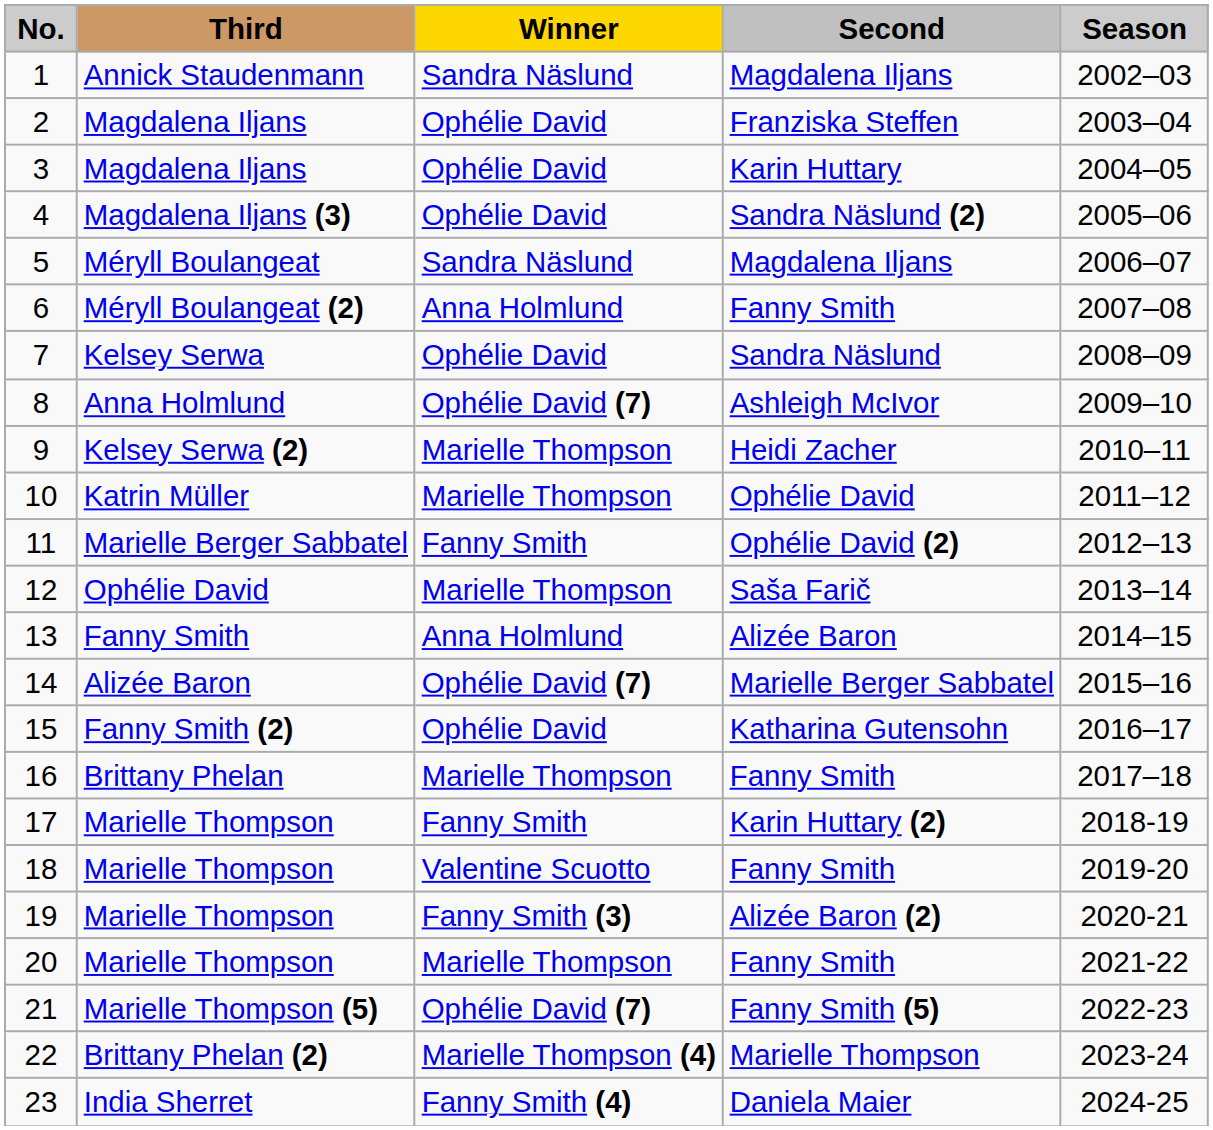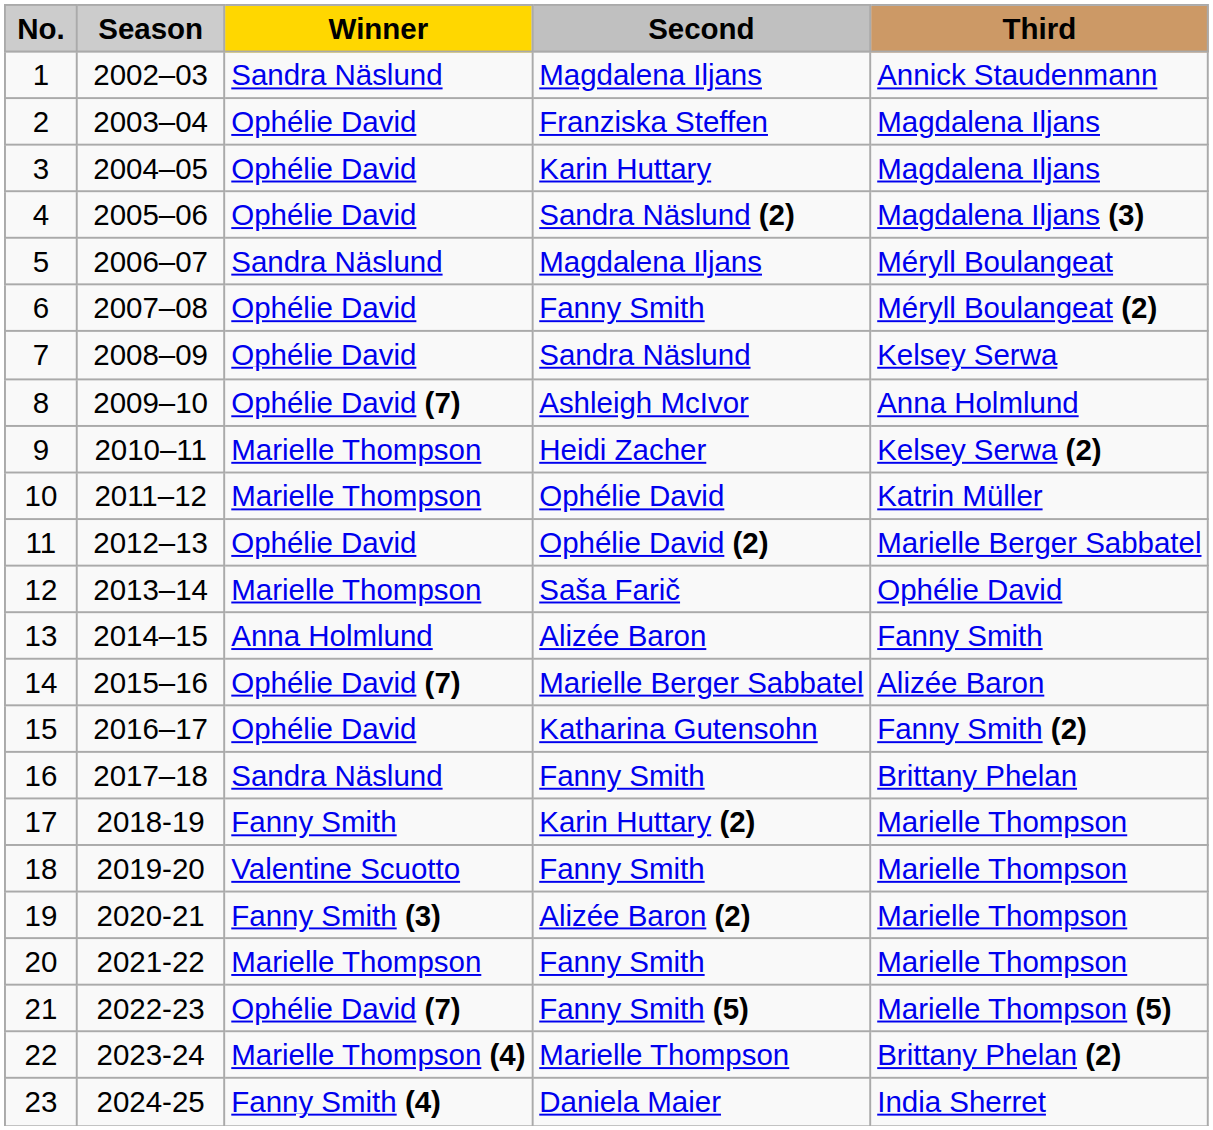 <table class="wikitable" style="font-size:95%;">
 <tr>
 <th style="background:#ccc;" width="30">No.</th>
-<th style="background:#c96;">Third</th>
+<th style="background:#ccc;" width="69">Season</th>
 <th style="background:gold">Winner</th>
 <th style="background:silver">Second</th>
-<th style="background:#ccc;" width="69">Season</th>
+<th style="background:#c96;">Third</th>
 </tr>
 <tr>
 <td align=center>1</td>
-<td> <a href='#'>Annick Staudenmann</a></td>
+<td align=center>2002–03</td>
 <td> <a href='#'>Sandra Näslund</a></td>
 <td> <a href='#'>Magdalena Iljans</a></td>
-<td align=center>2002–03</td>
+<td> <a href='#'>Annick Staudenmann</a></td>
 </tr>
 <tr>
 <td align=center>2</td>
-<td> <a href='#'>Magdalena Iljans</a></td>
+<td align=center>2003–04</td>
 <td> <a href='#'>Ophélie David</a></td>
 <td> <a href='#'>Franziska Steffen</a></td>
-<td align=center>2003–04</td>
+<td> <a href='#'>Magdalena Iljans</a></td>
 </tr>
 <tr>
 <td align=center>3</td>
-<td> <a href='#'>Magdalena Iljans</a></td>
+<td align=center>2004–05</td>
 <td> <a href='#'>Ophélie David</a></td>
 <td> <a href='#'>Karin Huttary</a></td>
-<td align=center>2004–05</td>
+<td> <a href='#'>Magdalena Iljans</a></td>
 </tr>
 <tr>
 <td align=center>4</td>
-<td> <a href='#'>Magdalena Iljans</a> <strong>(3)</strong></td>
+<td align=center>2005–06</td>
 <td> <a href='#'>Ophélie David</a></td>
 <td> <a href='#'>Sandra Näslund</a> <strong>(2)</strong></td>
-<td align=center>2005–06</td>
+<td> <a href='#'>Magdalena Iljans</a> <strong>(3)</strong></td>
 </tr>
 <tr>
 <td align=center>5</td>
-<td> <a href='#'>Méryll Boulangeat</a></td>
+<td align=center>2006–07</td>
 <td> <a href='#'>Sandra Näslund</a></td>
 <td> <a href='#'>Magdalena Iljans</a></td>
-<td align=center>2006–07</td>
+<td> <a href='#'>Méryll Boulangeat</a></td>
 </tr>
 <tr>
 <td align=center>6</td>
+<td align=center>2007–08</td>
+<td> <a href='#'>Ophélie David</a></td>
+<td> <a href='#'>Fanny Smith</a></td>
 <td> <a href='#'>Méryll Boulangeat</a> <strong>(2)</strong></td>
-<td> <a href='#'>Anna Holmlund</a></td>
-<td> <a href='#'>Fanny Smith</a></td>
-<td align=center>2007–08</td>
 </tr>
 <tr>
 <td align=center>7</td>
-<td> <a href='#'>Kelsey Serwa</a></td>
+<td align=center>2008–09</td>
 <td> <a href='#'>Ophélie David</a></td>
 <td> <a href='#'>Sandra Näslund</a></td>
-<td align=center>2008–09</td>
+<td> <a href='#'>Kelsey Serwa</a></td>
 </tr>
 <tr>
 <td align=center>8</td>
-<td> <a href='#'>Anna Holmlund</a></td>
+<td align=center>2009–10</td>
 <td> <a href='#'>Ophélie David</a> <strong>(7)</strong></td>
 <td> <a href='#'>Ashleigh McIvor</a></td>
-<td align=center>2009–10</td>
+<td> <a href='#'>Anna Holmlund</a></td>
 </tr>
 <tr>
 <td align=center>9</td>
-<td> <a href='#'>Kelsey Serwa</a> <strong>(2)</strong></td>
+<td align=center>2010–11</td>
 <td> <a href='#'>Marielle Thompson</a></td>
 <td> <a href='#'>Heidi Zacher</a></td>
-<td align=center>2010–11</td>
+<td> <a href='#'>Kelsey Serwa</a> <strong>(2)</strong></td>
 </tr>
 <tr>
 <td align=center>10</td>
-<td> <a href='#'>Katrin Müller</a></td>
+<td align=center>2011–12</td>
 <td> <a href='#'>Marielle Thompson</a></td>
 <td> <a href='#'>Ophélie David</a></td>
-<td align=center>2011–12</td>
+<td> <a href='#'>Katrin Müller</a></td>
 </tr>
 <tr>
 <td align=center>11</td>
+<td align=center>2012–13</td>
+<td> <a href='#'>Ophélie David</a></td>
+<td> <a href='#'>Ophélie David</a> <strong>(2)</strong></td>
 <td> <a href='#'>Marielle Berger Sabbatel</a></td>
-<td> <a href='#'>Fanny Smith</a></td>
-<td> <a href='#'>Ophélie David</a> <strong>(2)</strong></td>
-<td align=center>2012–13</td>
 </tr>
 <tr>
 <td align=center>12</td>
-<td> <a href='#'>Ophélie David</a></td>
+<td align=center>2013–14</td>
 <td> <a href='#'>Marielle Thompson</a></td>
 <td> <a href='#'>Saša Farič</a></td>
-<td align=center>2013–14</td>
+<td> <a href='#'>Ophélie David</a></td>
 </tr>
 <tr>
 <td align=center>13</td>
-<td> <a href='#'>Fanny Smith</a></td>
+<td align=center>2014–15</td>
 <td> <a href='#'>Anna Holmlund</a></td>
 <td> <a href='#'>Alizée Baron</a></td>
-<td align=center>2014–15</td>
+<td> <a href='#'>Fanny Smith</a></td>
 </tr>
 <tr>
 <td align=center>14</td>
-<td> <a href='#'>Alizée Baron</a></td>
+<td align=center>2015–16</td>
 <td> <a href='#'>Ophélie David</a> <strong>(7)</strong></td>
 <td> <a href='#'>Marielle Berger Sabbatel</a></td>
-<td align=center>2015–16</td>
+<td> <a href='#'>Alizée Baron</a></td>
 </tr>
 <tr>
 <td align=center>15</td>
-<td> <a href='#'>Fanny Smith</a> <strong>(2)</strong></td>
+<td align=center>2016–17</td>
 <td> <a href='#'>Ophélie David</a></td>
 <td> <a href='#'>Katharina Gutensohn</a></td>
-<td align=center>2016–17</td>
+<td> <a href='#'>Fanny Smith</a> <strong>(2)</strong></td>
 </tr>
 <tr>
 <td align=center>16</td>
+<td align=center>2017–18</td>
+<td> <a href='#'>Sandra Näslund</a></td>
+<td> <a href='#'>Fanny Smith</a></td>
 <td> <a href='#'>Brittany Phelan</a></td>
-<td> <a href='#'>Marielle Thompson</a></td>
-<td> <a href='#'>Fanny Smith</a></td>
-<td align=center>2017–18</td>
 </tr>
 <tr>
 <td align=center>17</td>
-<td> <a href='#'>Marielle Thompson</a></td>
+<td align=center>2018-19</td>
 <td> <a href='#'>Fanny Smith</a></td>
 <td> <a href='#'>Karin Huttary</a> <strong>(2)</strong></td>
-<td align=center>2018-19</td>
+<td> <a href='#'>Marielle Thompson</a></td>
 </tr>
 <tr>
 <td align=center>18</td>
-<td> <a href='#'>Marielle Thompson</a></td>
+<td align=center>2019-20</td>
 <td> <a href='#'>Valentine Scuotto</a></td>
 <td> <a href='#'>Fanny Smith</a></td>
-<td align=center>2019-20</td>
+<td> <a href='#'>Marielle Thompson</a></td>
 </tr>
 <tr>
 <td align=center>19</td>
-<td> <a href='#'>Marielle Thompson</a></td>
+<td align=center>2020-21</td>
 <td> <a href='#'>Fanny Smith</a> <strong>(3)</strong></td>
 <td> <a href='#'>Alizée Baron</a> <strong>(2)</strong></td>
-<td align=center>2020-21</td>
+<td> <a href='#'>Marielle Thompson</a></td>
 </tr>
 <tr>
 <td align=center>20</td>
-<td> <a href='#'>Marielle Thompson</a></td>
+<td align=center>2021-22</td>
 <td> <a href='#'>Marielle Thompson</a></td>
 <td> <a href='#'>Fanny Smith</a></td>
-<td align=center>2021-22</td>
+<td> <a href='#'>Marielle Thompson</a></td>
 </tr>
 <tr>
 <td align=center>21</td>
-<td> <a href='#'>Marielle Thompson</a> <strong>(5)</strong></td>
+<td align=center>2022-23</td>
 <td> <a href='#'>Ophélie David</a> <strong>(7)</strong></td>
 <td> <a href='#'>Fanny Smith</a> <strong>(5)</strong></td>
-<td align=center>2022-23</td>
+<td> <a href='#'>Marielle Thompson</a> <strong>(5)</strong></td>
 </tr>
 <tr>
 <td align=center>22</td>
-<td> <a href='#'>Brittany Phelan</a> <strong>(2)</strong></td>
+<td align=center>2023-24</td>
 <td> <a href='#'>Marielle Thompson</a> <strong>(4)</strong></td>
 <td> <a href='#'>Marielle Thompson</a></td>
-<td align=center>2023-24</td>
+<td> <a href='#'>Brittany Phelan</a> <strong>(2)</strong></td>
 </tr>
 <tr>
 <td align=center>23</td>
-<td> <a href='#'>India Sherret</a></td>
+<td align=center>2024-25</td>
 <td> <a href='#'>Fanny Smith</a> <strong>(4)</strong></td>
 <td> <a href='#'>Daniela Maier</a></td>
-<td align=center>2024-25</td>
+<td> <a href='#'>India Sherret</a></td>
 </tr>
 </table>
